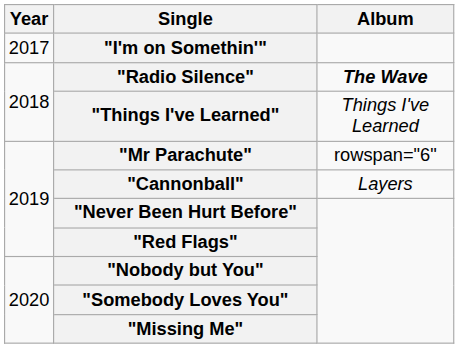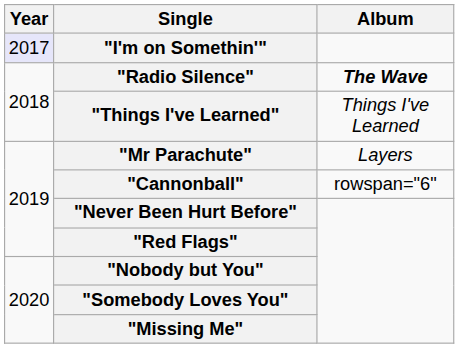 <table class="wikitable plainrowheaders" style="text-align:center;">
 <tr>
 <th style="width:1em;">Year</th>
 <th style="width:14em;">Single</th>
 <th style="width:7em;">Album</th>
 </tr>
 <tr>
-<td>2017</td>
+<td style="background: lavender;">2017</td>
 <th scope="row">"I'm on Somethin'"<br></th>
 <td></td>
 </tr>
 <tr>
 <td rowspan="2">2018</td>
 <th scope="row">"Radio Silence"<br></th>
 <td><strong><em>The Wave</em></strong></td>
 </tr>
 <tr>
 <th scope="row">"Things I've Learned"<br></th>
 <td><em>Things I've Learned</em></td>
 </tr>
 <tr>
 <td rowspan="4">2019</td>
 <th scope="row">"Mr Parachute"<br></th>
-<td>rowspan="6" </td>
+<td><em>Layers</em></td>
 </tr>
 <tr>
 <th scope="row">"Cannonball"<br></th>
-<td><em>Layers</em></td>
+<td>rowspan="6" </td>
 </tr>
 <tr>
 <th scope="row">"Never Been Hurt Before"<br></th>
 </tr>
 <tr>
 <th scope="row">"Red Flags"<br></th>
 </tr>
 <tr>
 <td rowspan="3">2020</td>
 <th scope="row">"Nobody but You"<br></th>
 </tr>
 <tr>
 <th scope="row">"Somebody Loves You"<br></th>
 </tr>
 <tr>
 <th scope="row">"Missing Me"<br></th>
 </tr>
 </table>
